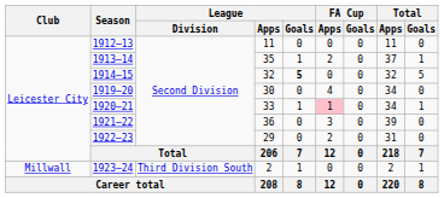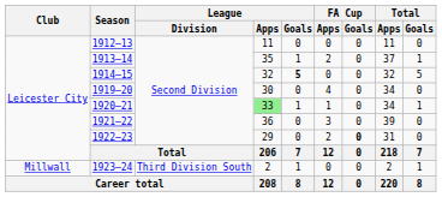 <table class="wikitable" style="text-align: center;">
 <tr>
 <th rowspan="2">Club</th>
 <th rowspan="2">Season</th>
 <th colspan="3">League</th>
 <th colspan="2">FA Cup</th>
 <th colspan="2">Total</th>
 </tr>
 <tr>
 <th>Division</th>
 <th>Apps</th>
 <th>Goals</th>
 <th>Apps</th>
 <th>Goals</th>
 <th>Apps</th>
 <th>Goals</th>
 </tr>
 <tr>
 <td rowspan="8"><a href='#'>Leicester City</a></td>
 <td><a href='#'>1912–13</a></td>
 <td rowspan="7"><a href='#'>Second Division</a></td>
 <td>11</td>
 <td>0</td>
 <td>0</td>
 <td>0</td>
 <td>11</td>
 <td>0</td>
 </tr>
 <tr>
 <td><a href='#'>1913–14</a></td>
 <td>35</td>
 <td>1</td>
 <td>2</td>
 <td>0</td>
 <td>37</td>
 <td>1</td>
 </tr>
 <tr>
 <td><a href='#'>1914–15</a></td>
 <td>32</td>
 <td><strong>5</strong></td>
 <td>0</td>
 <td>0</td>
 <td>32</td>
 <td>5</td>
 </tr>
 <tr>
 <td><a href='#'>1919–20</a></td>
 <td>30</td>
 <td>0</td>
 <td>4</td>
 <td>0</td>
 <td>34</td>
 <td>0</td>
 </tr>
 <tr>
 <td><a href='#'>1920–21</a></td>
-<td>33</td>
+<td style="background: lightgreen;">33</td>
 <td>1</td>
-<td style="background: pink;">1</td>
+<td>1</td>
 <td>0</td>
 <td>34</td>
 <td>1</td>
 </tr>
 <tr>
 <td><a href='#'>1921–22</a></td>
 <td>36</td>
 <td>0</td>
 <td>3</td>
 <td>0</td>
 <td>39</td>
 <td>0</td>
 </tr>
 <tr>
 <td><a href='#'>1922–23</a></td>
 <td>29</td>
 <td>0</td>
 <td>2</td>
-<td>0</td>
+<td><strong>0</strong></td>
 <td>31</td>
 <td>0</td>
 </tr>
 <tr>
 <th colspan="2">Total</th>
 <th>206</th>
 <th>7</th>
 <th>12</th>
 <th>0</th>
 <th>218</th>
 <th>7</th>
 </tr>
 <tr>
 <td><a href='#'>Millwall</a></td>
 <td><a href='#'>1923–24</a></td>
 <td><a href='#'>Third Division South</a></td>
 <td>2</td>
 <td>1</td>
 <td>0</td>
 <td>0</td>
 <td>2</td>
 <td>1</td>
 </tr>
 <tr>
 <th colspan="3">Career total</th>
 <th>208</th>
 <th>8</th>
 <th>12</th>
 <th>0</th>
 <th>220</th>
 <th>8</th>
 </tr>
 </table>
